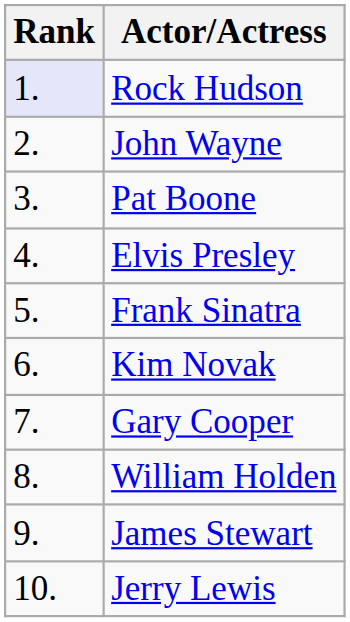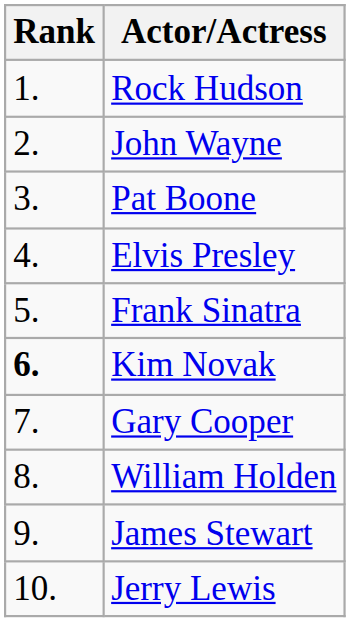 <table class="wikitable">
 <tr>
 <th>Rank</th>
 <th>Actor/Actress</th>
 </tr>
 <tr>
-<td style="background: lavender;">1.</td>
+<td>1.</td>
 <td><a href='#'>Rock Hudson</a></td>
 </tr>
 <tr>
 <td>2.</td>
 <td><a href='#'>John Wayne</a></td>
 </tr>
 <tr>
 <td>3.</td>
 <td><a href='#'>Pat Boone</a></td>
 </tr>
 <tr>
 <td>4.</td>
 <td><a href='#'>Elvis Presley</a></td>
 </tr>
 <tr>
 <td>5.</td>
 <td><a href='#'>Frank Sinatra</a></td>
 </tr>
 <tr>
-<td>6.</td>
+<td><strong>6.</strong></td>
 <td><a href='#'>Kim Novak</a></td>
 </tr>
 <tr>
 <td>7.</td>
 <td><a href='#'>Gary Cooper</a></td>
 </tr>
 <tr>
 <td>8.</td>
 <td><a href='#'>William Holden</a></td>
 </tr>
 <tr>
 <td>9.</td>
 <td><a href='#'>James Stewart</a></td>
 </tr>
 <tr>
 <td>10.</td>
 <td><a href='#'>Jerry Lewis</a></td>
 </tr>
 </table>
